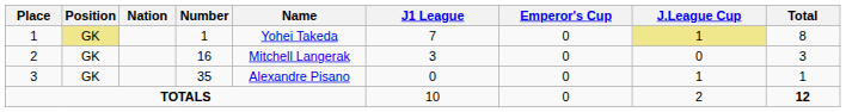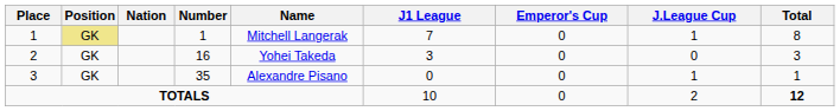 <table class="wikitable" style="font-size: 95%; text-align: center;">
 <tr>
 <th width=60>Place</th>
 <th width=60>Position</th>
 <th width=60>Nation</th>
 <th width=60>Number</th>
 <th width=150>Name</th>
 <th width=150><a href='#'>J1 League</a></th>
 <th width=150><a href='#'>Emperor's Cup</a></th>
 <th width=150><a href='#'>J.League Cup</a></th>
 <th width=80>Total</th>
 </tr>
 <tr>
 <td>1</td>
 <td style="background: khaki;">GK</td>
 <td></td>
 <td>1</td>
-<td><a href='#'>Yohei Takeda</a></td>
+<td><a href='#'>Mitchell Langerak</a></td>
 <td>7</td>
 <td>0</td>
-<td style="background: khaki;">1</td>
+<td>1</td>
 <td>8</td>
 </tr>
 <tr>
 <td>2</td>
 <td>GK</td>
 <td></td>
 <td>16</td>
-<td><a href='#'>Mitchell Langerak</a></td>
+<td><a href='#'>Yohei Takeda</a></td>
 <td>3</td>
 <td>0</td>
 <td>0</td>
 <td>3</td>
 </tr>
 <tr>
 <td>3</td>
 <td>GK</td>
 <td></td>
 <td>35</td>
 <td><a href='#'>Alexandre Pisano</a></td>
 <td>0</td>
 <td>0</td>
 <td>1</td>
 <td>1</td>
 </tr>
 <tr>
 <td colspan="5"><strong>TOTALS</strong></td>
 <td>10</td>
 <td>0</td>
 <td>2</td>
 <td><strong>12</strong></td>
 </tr>
 </table>
